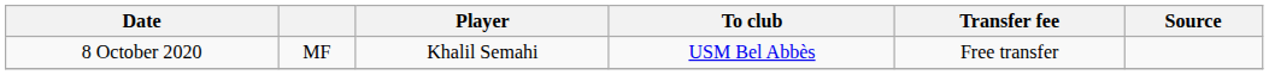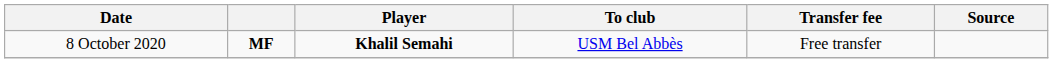 <table class="wikitable sortable" style="width:70%; text-align:center; font-size:85%; text-align:centre;">
 <tr>
 <th>Date</th>
 <th></th>
 <th>Player</th>
 <th>To club</th>
 <th>Transfer fee</th>
 <th>Source</th>
 </tr>
 <tr>
 <td>8 October 2020</td>
-<td>MF</td>
-<td> Khalil Semahi</td>
+<td><strong>MF</strong></td>
+<td><strong> Khalil Semahi</strong></td>
 <td><a href='#'>USM Bel Abbès</a></td>
 <td>Free transfer</td>
 <td></td>
 </tr>
 <tr>
 </tr>
 </table>
